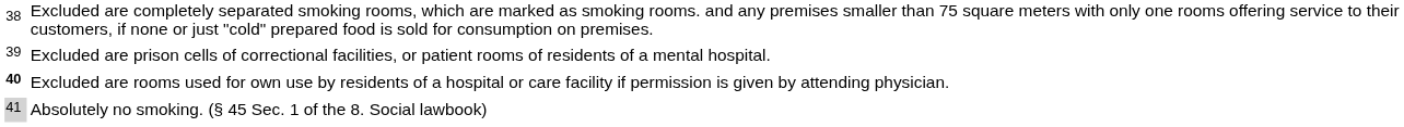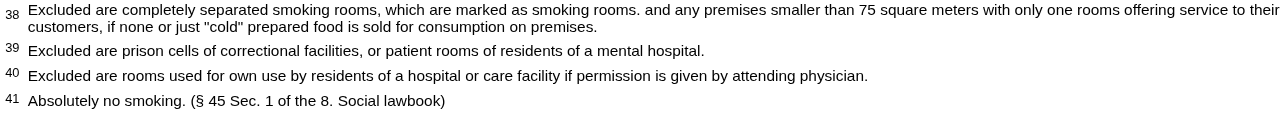 <table class="toptextcells" style="font-size: 90%;">
 <tr>
 <td style="text-align: right; padding-right: 0.33em"><sup>38</sup></td>
 <td>Excluded are completely separated smoking rooms, which are marked as smoking rooms. and any premises smaller than 75 square meters with only one rooms offering service to their customers, if none or just "cold" prepared food is sold for consumption on premises.</td>
 </tr>
 <tr>
 <td style="text-align: right; padding-right: 0.33em"><sup>39</sup></td>
 <td>Excluded are prison cells of correctional facilities, or patient rooms of residents of a mental hospital.</td>
 </tr>
 <tr>
-<td style="text-align: right; padding-right: 0.33em"><strong><sup>40</sup></strong></td>
+<td style="text-align: right; padding-right: 0.33em"><sup>40</sup></td>
 <td>Excluded are rooms used for own use by residents of a hospital or care facility if permission is given by attending physician.</td>
 </tr>
 <tr>
-<td style="background: lightgrey; text-align: right; padding-right: 0.33em"><sup>41</sup></td>
+<td style="text-align: right; padding-right: 0.33em"><sup>41</sup></td>
 <td>Absolutely no smoking. (§ 45 Sec. 1 of the 8. Social lawbook)</td>
 </tr>
 </table>
